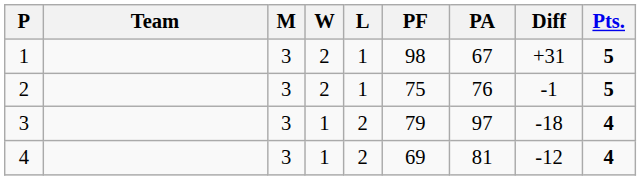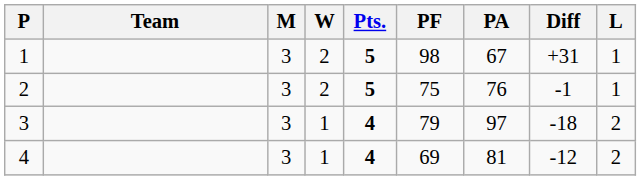 <table class=wikitable style="font-size:90%;">
 <tr align=center>
 <th width=20px>P</th>
 <th width=150px>Team</th>
 <th width=20px>M</th>
 <th width=20px>W</th>
-<th width=20px>L</th>
+<th width=30px><a href='#'>Pts.</a></th>
 <th width=40px>PF</th>
 <th width=40px>PA</th>
 <th width=40px>Diff</th>
-<th width=30px><a href='#'>Pts.</a></th>
+<th width=20px>L</th>
 </tr>
 <tr align=center>
 <td>1</td>
 <td align=left></td>
 <td>3</td>
 <td>2</td>
-<td>1</td>
+<td><strong>5</strong></td>
 <td>98</td>
 <td>67</td>
 <td>+31</td>
-<td><strong>5</strong></td>
+<td>1</td>
 </tr>
 <tr align=center>
 <td>2</td>
 <td align=left></td>
 <td>3</td>
 <td>2</td>
-<td>1</td>
+<td><strong>5</strong></td>
 <td>75</td>
 <td>76</td>
 <td>-1</td>
-<td><strong>5</strong></td>
+<td>1</td>
 </tr>
 <tr align=center>
 <td>3</td>
 <td align=left></td>
 <td>3</td>
 <td>1</td>
-<td>2</td>
+<td><strong>4</strong></td>
 <td>79</td>
 <td>97</td>
 <td>-18</td>
-<td><strong>4</strong></td>
+<td>2</td>
 </tr>
 <tr align=center>
 <td>4</td>
 <td align=left></td>
 <td>3</td>
 <td>1</td>
-<td>2</td>
+<td><strong>4</strong></td>
 <td>69</td>
 <td>81</td>
 <td>-12</td>
-<td><strong>4</strong></td>
+<td>2</td>
 </tr>
 </table>
